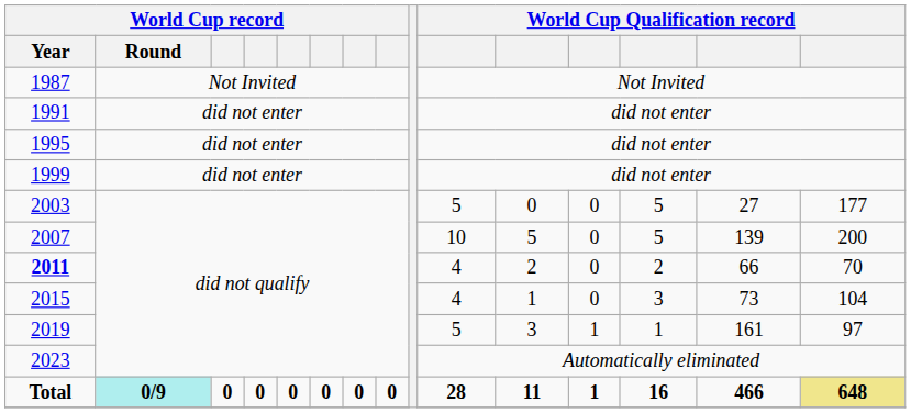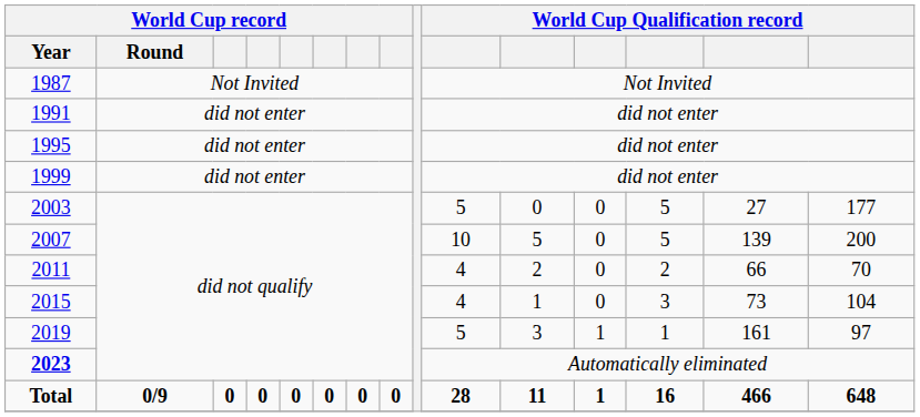 <table class="wikitable" style="text-align: center;">
 <tr>
 <th colspan=8><a href='#'>World Cup record</a></th>
 <th width=1% rowspan=25></th>
 <th colspan=6><a href='#'>World Cup Qualification record</a></th>
 </tr>
 <tr>
 <th>Year</th>
 <th>Round</th>
 <th></th>
 <th></th>
 <th></th>
 <th></th>
 <th></th>
 <th></th>
 <th></th>
 <th></th>
 <th></th>
 <th></th>
 <th></th>
 <th></th>
 </tr>
 <tr>
 <td> <a href='#'>1987</a></td>
 <td colspan=7><em>Not Invited</em></td>
 <td colspan=6><em>Not Invited</em></td>
 </tr>
 <tr>
 <td> <a href='#'>1991</a></td>
 <td colspan=7><em>did not enter</em></td>
 <td colspan=6><em>did not enter</em></td>
 </tr>
 <tr>
 <td> <a href='#'>1995</a></td>
 <td colspan=7><em>did not enter</em></td>
 <td colspan=6><em>did not enter</em></td>
 </tr>
 <tr>
 <td> <a href='#'>1999</a></td>
 <td colspan=7><em>did not enter</em></td>
 <td colspan=6><em>did not enter</em></td>
 </tr>
 <tr>
 <td> <a href='#'>2003</a></td>
 <td rowspan=6 colspan=7><em>did not qualify</em></td>
 <td>5</td>
 <td>0</td>
 <td>0</td>
 <td>5</td>
 <td>27</td>
 <td>177</td>
 </tr>
 <tr>
 <td> <a href='#'>2007</a></td>
 <td>10</td>
 <td>5</td>
 <td>0</td>
 <td>5</td>
 <td>139</td>
 <td>200</td>
 </tr>
 <tr>
-<td><strong> <a href='#'>2011</a></strong></td>
+<td> <a href='#'>2011</a></td>
 <td>4</td>
 <td>2</td>
 <td>0</td>
 <td>2</td>
 <td>66</td>
 <td>70</td>
 </tr>
 <tr>
 <td> <a href='#'>2015</a></td>
 <td>4</td>
 <td>1</td>
 <td>0</td>
 <td>3</td>
 <td>73</td>
 <td>104</td>
 </tr>
 <tr>
 <td> <a href='#'>2019</a></td>
 <td>5</td>
 <td>3</td>
 <td>1</td>
 <td>1</td>
 <td>161</td>
 <td>97</td>
 </tr>
 <tr>
-<td> <a href='#'>2023</a></td>
+<td><strong> <a href='#'>2023</a></strong></td>
 <td colspan=6><em>Automatically eliminated</em></td>
 </tr>
 <tr>
 <td><strong>Total</strong></td>
-<td style="background: paleturquoise;"><strong>0/9</strong></td>
+<td><strong>0/9</strong></td>
 <td><strong>0</strong></td>
 <td><strong>0</strong></td>
 <td><strong>0</strong></td>
 <td><strong>0</strong></td>
 <td><strong>0</strong></td>
 <td><strong>0</strong></td>
 <td><strong>28</strong></td>
 <td><strong>11</strong></td>
 <td><strong>1</strong></td>
 <td><strong>16</strong></td>
 <td><strong>466</strong></td>
-<td style="background: khaki;"><strong>648</strong></td>
+<td><strong>648</strong></td>
 </tr>
 <tr>
 </tr>
 </table>
